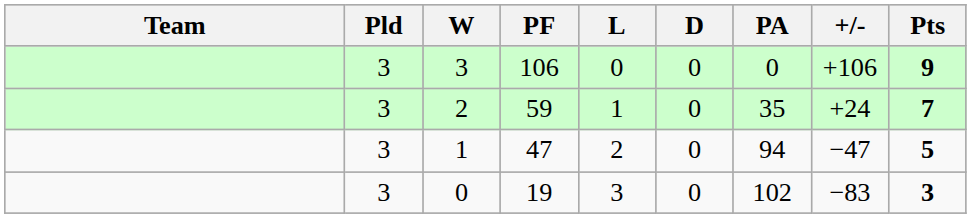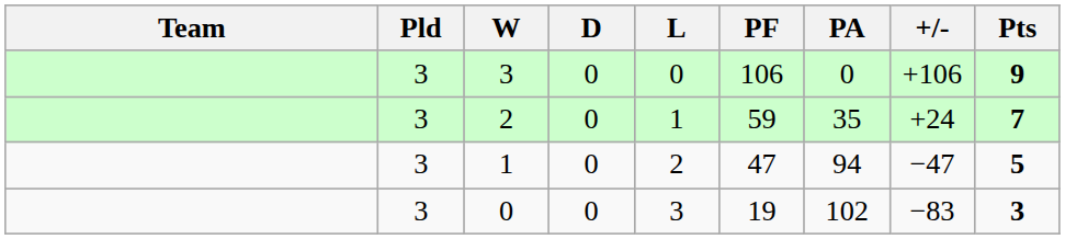 <table class="wikitable" style="text-align: center;">
 <tr>
 <th width="200">Team</th>
 <th width="40">Pld</th>
 <th width="40">W</th>
+<th width="40">D</th>
+<th width="40">L</th>
 <th width="40">PF</th>
-<th width="40">L</th>
-<th width="40">D</th>
 <th width="40">PA</th>
 <th width="40">+/-</th>
 <th width="40">Pts</th>
 </tr>
 <tr bgcolor=ccffcc>
 <td align=left></td>
 <td>3</td>
 <td>3</td>
-<td>106</td>
 <td>0</td>
 <td>0</td>
+<td>106</td>
 <td>0</td>
 <td>+106</td>
 <td><strong>9</strong></td>
 </tr>
 <tr bgcolor=ccffcc>
 <td align=left></td>
 <td>3</td>
 <td>2</td>
+<td>0</td>
+<td>1</td>
 <td>59</td>
-<td>1</td>
-<td>0</td>
 <td>35</td>
 <td>+24</td>
 <td><strong>7</strong></td>
 </tr>
 <tr>
 <td align=left></td>
 <td>3</td>
 <td>1</td>
+<td>0</td>
+<td>2</td>
 <td>47</td>
-<td>2</td>
-<td>0</td>
 <td>94</td>
 <td>−47</td>
 <td><strong>5</strong></td>
 </tr>
 <tr>
 <td align=left></td>
 <td>3</td>
 <td>0</td>
+<td>0</td>
+<td>3</td>
 <td>19</td>
-<td>3</td>
-<td>0</td>
 <td>102</td>
 <td>−83</td>
 <td><strong>3</strong></td>
 </tr>
 </table>
